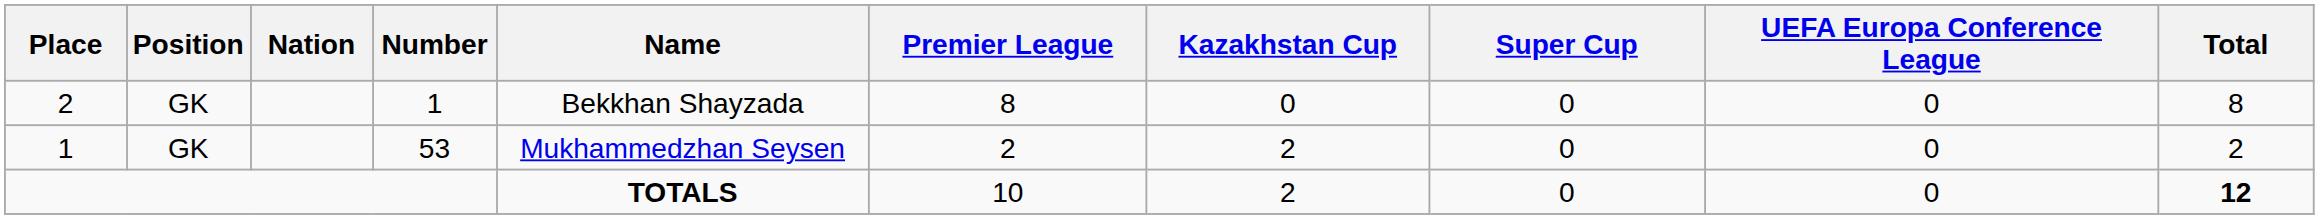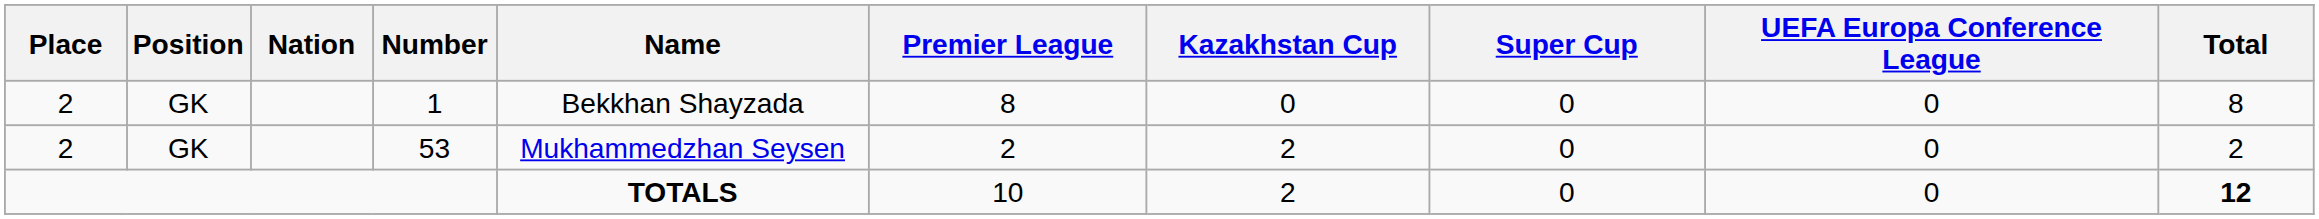 <table class="wikitable" style="font-size: 95%; text-align: center;">
 <tr>
 <th width=60>Place</th>
 <th width=60>Position</th>
 <th width=60>Nation</th>
 <th width=60>Number</th>
 <th width=200>Name</th>
 <th width=150><a href='#'>Premier League</a></th>
 <th width=150><a href='#'>Kazakhstan Cup</a></th>
 <th width=150><a href='#'>Super Cup</a></th>
 <th width=250><a href='#'>UEFA Europa Conference League</a></th>
 <th width=80>Total</th>
 </tr>
 <tr>
 <td>2</td>
 <td>GK</td>
 <td></td>
 <td>1</td>
 <td>Bekkhan Shayzada</td>
 <td>8</td>
 <td>0</td>
 <td>0</td>
 <td>0</td>
 <td>8</td>
 </tr>
 <tr>
-<td>1</td>
+<td>2</td>
 <td>GK</td>
 <td></td>
 <td>53</td>
 <td><a href='#'>Mukhammedzhan Seysen</a></td>
 <td>2</td>
 <td>2</td>
 <td>0</td>
 <td>0</td>
 <td>2</td>
 </tr>
 <tr>
 <td colspan="4"></td>
 <td><strong>TOTALS</strong></td>
 <td>10</td>
 <td>2</td>
 <td>0</td>
 <td>0</td>
 <td><strong>12</strong></td>
 </tr>
 </table>
